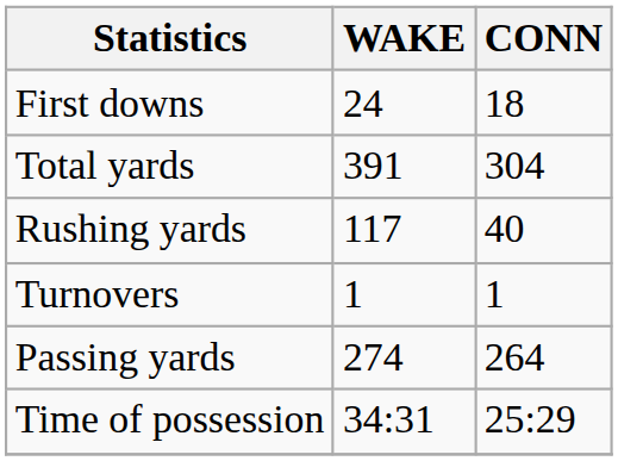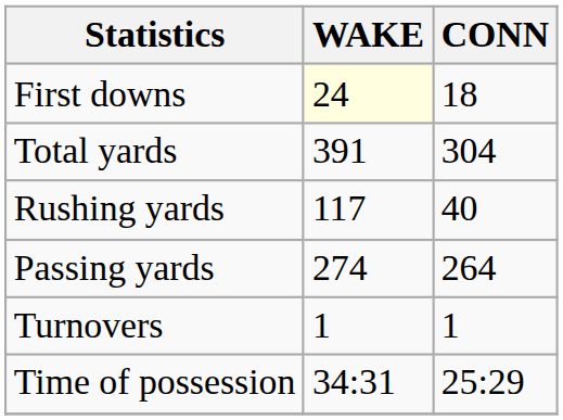 <table class="wikitable" style="float: left;">
 <tr>
 <th>Statistics</th>
 <th>WAKE</th>
 <th>CONN</th>
 </tr>
 <tr>
 <td>First downs</td>
-<td>24</td>
+<td style="background: lightyellow;">24</td>
 <td>18</td>
 </tr>
 <tr>
 <td>Total yards</td>
 <td>391</td>
 <td>304</td>
 </tr>
 <tr>
 <td>Rushing yards</td>
 <td>117</td>
 <td>40</td>
 </tr>
 <tr>
+<td>Passing yards</td>
+<td>274</td>
+<td>264</td>
+</tr>
+<tr>
 <td>Turnovers</td>
 <td>1</td>
 <td>1</td>
-</tr>
-<tr>
-<td>Passing yards</td>
-<td>274</td>
-<td>264</td>
 </tr>
 <tr>
 <td>Time of possession</td>
 <td>34:31</td>
 <td>25:29</td>
 </tr>
 <tr>
 </tr>
 </table>
